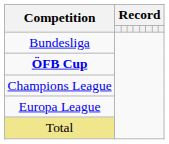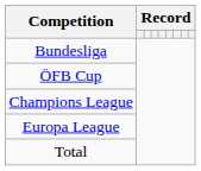 <table class="wikitable" style="text-align: center">
 <tr>
 <th rowspan="2">Competition</th>
 <th colspan="8">Record</th>
 </tr>
 <tr>
 <th></th>
 <th></th>
 <th></th>
 <th></th>
 <th></th>
 <th></th>
 <th></th>
 <th></th>
 </tr>
 <tr>
 <td><a href='#'>Bundesliga</a><br></td>
 </tr>
 <tr>
-<td><strong><a href='#'>ÖFB Cup</a><br></strong></td>
+<td><a href='#'>ÖFB Cup</a><br></td>
 </tr>
 <tr>
 <td><a href='#'>Champions League</a><br></td>
 </tr>
 <tr>
 <td><a href='#'>Europa League</a><br></td>
 </tr>
 <tr>
-<td style="background: khaki;">Total<br></td>
+<td>Total<br></td>
 </tr>
 </table>
